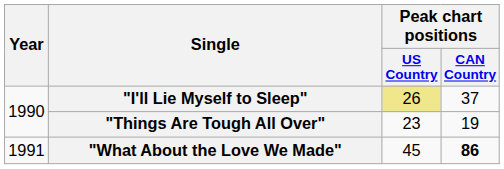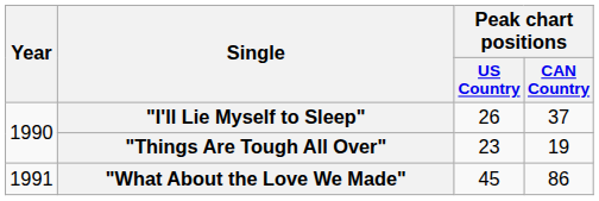 <table class="wikitable plainrowheaders" style="text-align:center;">
 <tr>
 <th rowspan="2">Year</th>
 <th rowspan="2" style="width:20em;">Single</th>
 <th colspan="2">Peak chart<br>positions</th>
 </tr>
 <tr style="font-size:smaller;">
 <th width="45"><a href='#'>US Country</a><br></th>
 <th width="45"><a href='#'>CAN Country</a><br></th>
 </tr>
 <tr>
 <td rowspan="2">1990</td>
 <th scope="row">"I'll Lie Myself to Sleep"</th>
-<td style="background: khaki;">26</td>
+<td>26</td>
 <td>37</td>
 </tr>
 <tr>
 <th scope="row">"Things Are Tough All Over"</th>
 <td>23</td>
 <td>19</td>
 </tr>
 <tr>
 <td>1991</td>
 <th scope="row">"What About the Love We Made"</th>
 <td>45</td>
-<td><strong>86</strong></td>
+<td>86</td>
 </tr>
 </table>
